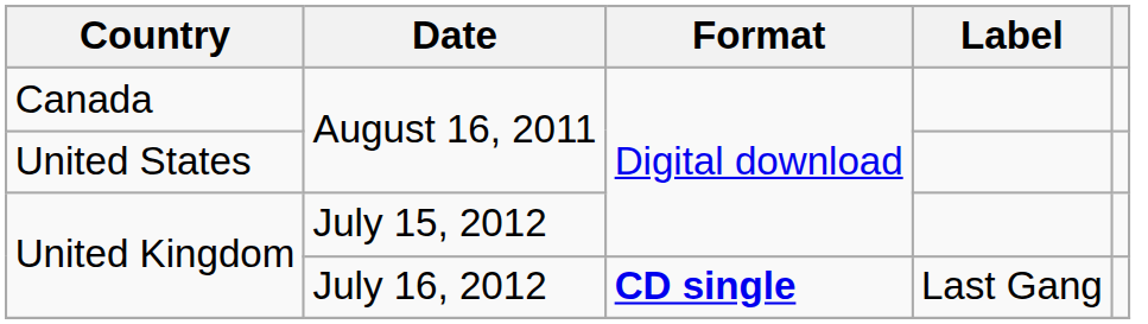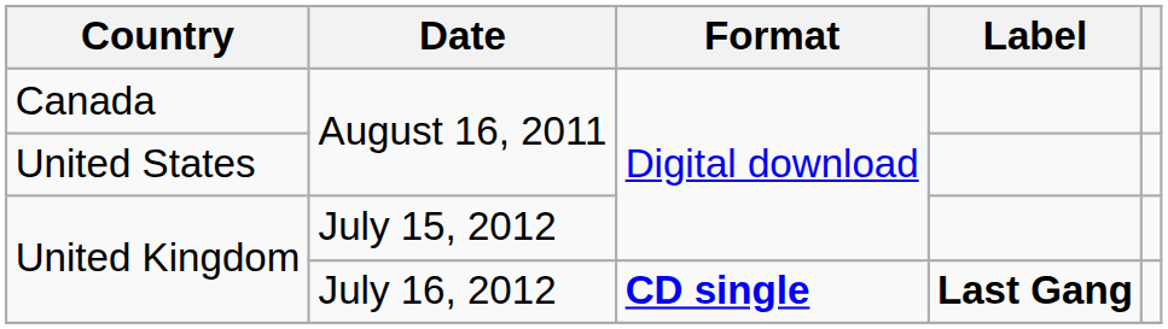 <table class="wikitable">
 <tr>
 <th>Country</th>
 <th>Date</th>
 <th>Format</th>
 <th>Label</th>
 <th></th>
 </tr>
 <tr>
 <td>Canada</td>
 <td rowspan="2">August 16, 2011</td>
 <td rowspan="3"><a href='#'>Digital download</a></td>
 <td></td>
 <td></td>
 </tr>
 <tr>
 <td>United States</td>
 <td></td>
 <td></td>
 </tr>
 <tr>
 <td rowspan="2">United Kingdom</td>
 <td>July 15, 2012</td>
 <td></td>
 <td></td>
 </tr>
 <tr>
 <td>July 16, 2012</td>
 <td><strong><a href='#'>CD single</a></strong></td>
-<td>Last Gang</td>
+<td><strong>Last Gang</strong></td>
 <td></td>
 </tr>
 <tr>
 </tr>
 </table>
